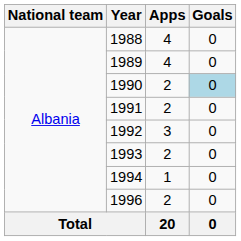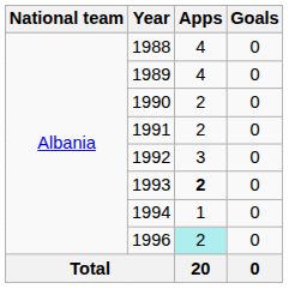 <table class="wikitable" style="text-align:center">
 <tr>
 <th>National team</th>
 <th>Year</th>
 <th>Apps</th>
 <th>Goals</th>
 </tr>
 <tr>
 <td rowspan="8"><a href='#'>Albania</a></td>
 <td>1988</td>
 <td>4</td>
 <td>0</td>
 </tr>
 <tr>
 <td>1989</td>
 <td>4</td>
 <td>0</td>
 </tr>
 <tr>
 <td>1990</td>
 <td>2</td>
-<td style="background: lightblue;">0</td>
+<td>0</td>
 </tr>
 <tr>
 <td>1991</td>
 <td>2</td>
 <td>0</td>
 </tr>
 <tr>
 <td>1992</td>
 <td>3</td>
 <td>0</td>
 </tr>
 <tr>
 <td>1993</td>
-<td>2</td>
+<td><strong>2</strong></td>
 <td>0</td>
 </tr>
 <tr>
 <td>1994</td>
 <td>1</td>
 <td>0</td>
 </tr>
 <tr>
 <td>1996</td>
-<td>2</td>
+<td style="background: paleturquoise;">2</td>
 <td>0</td>
 </tr>
 <tr>
 <th colspan="2">Total</th>
 <th>20</th>
 <th>0</th>
 </tr>
 </table>
